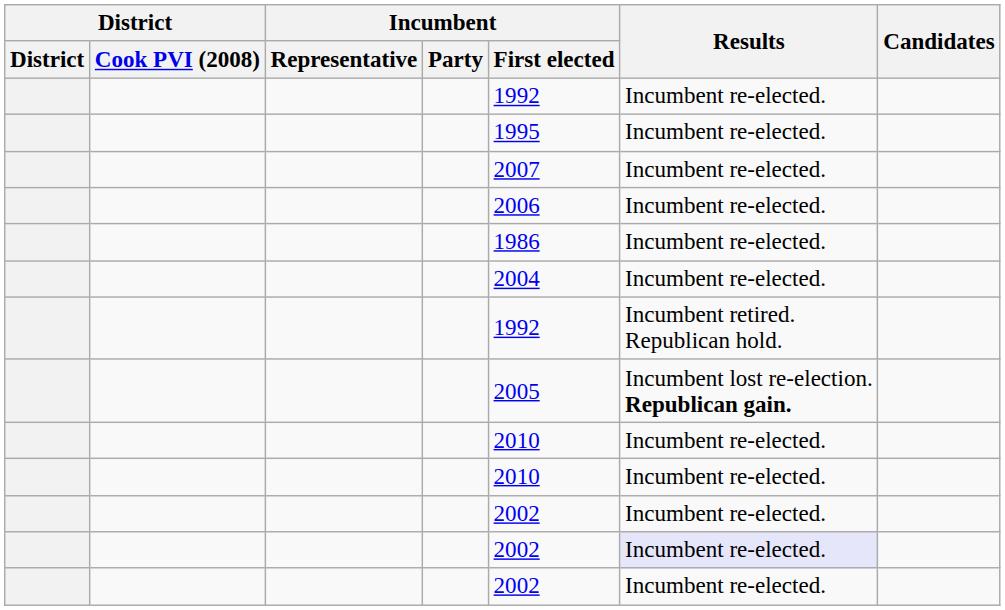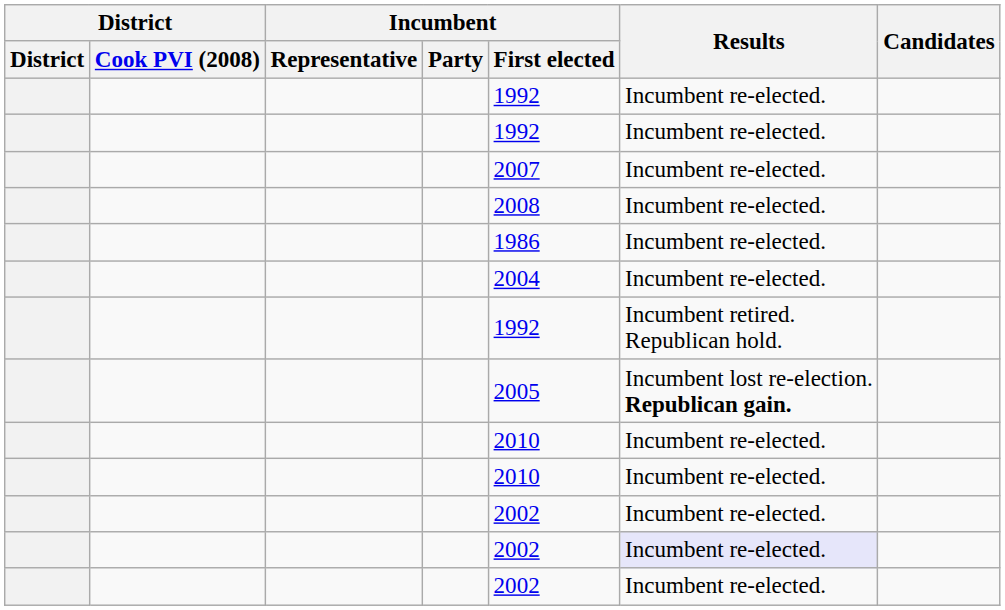 <table class="wikitable sortable">
 <tr>
 <th colspan=2>District</th>
 <th colspan=3>Incumbent</th>
 <th rowspan=2>Results</th>
 <th rowspan=2>Candidates</th>
 </tr>
 <tr valign=bottom>
 <th>District</th>
 <th><a href='#'>Cook PVI</a> (2008)</th>
 <th>Representative</th>
 <th>Party</th>
 <th>First elected</th>
 </tr>
 <tr>
 <th></th>
 <td></td>
 <td></td>
 <td></td>
 <td><a href='#'>1992</a></td>
 <td>Incumbent re-elected.</td>
 <td nowrap></td>
 </tr>
 <tr>
 <th></th>
 <td></td>
 <td></td>
 <td></td>
-<td><a href='#'>1995</a></td>
+<td><a href='#'>1992</a></td>
 <td>Incumbent re-elected.</td>
 <td nowrap></td>
 </tr>
 <tr>
 <th></th>
 <td></td>
 <td></td>
 <td></td>
 <td><a href='#'>2007</a></td>
 <td>Incumbent re-elected.</td>
 <td nowrap></td>
 </tr>
 <tr>
 <th></th>
 <td></td>
 <td></td>
 <td></td>
-<td><a href='#'>2006</a></td>
+<td><a href='#'>2008</a></td>
 <td>Incumbent re-elected.</td>
 <td nowrap></td>
 </tr>
 <tr>
 <th></th>
 <td></td>
 <td></td>
 <td></td>
 <td><a href='#'>1986</a></td>
 <td>Incumbent re-elected.</td>
 <td nowrap></td>
 </tr>
 <tr>
 <th></th>
 <td></td>
 <td></td>
 <td></td>
 <td><a href='#'>2004</a></td>
 <td>Incumbent re-elected.</td>
 <td nowrap></td>
 </tr>
 <tr>
 <th></th>
 <td></td>
 <td></td>
 <td></td>
 <td><a href='#'>1992</a></td>
 <td>Incumbent retired.<br>Republican hold.</td>
 <td nowrap></td>
 </tr>
 <tr>
 <th></th>
 <td></td>
 <td></td>
 <td></td>
 <td><a href='#'>2005</a></td>
 <td>Incumbent lost re-election.<br><strong>Republican gain.</strong></td>
 <td nowrap></td>
 </tr>
 <tr>
 <th></th>
 <td></td>
 <td></td>
 <td></td>
 <td><a href='#'>2010 </a></td>
 <td>Incumbent re-elected.</td>
 <td nowrap></td>
 </tr>
 <tr>
 <th></th>
 <td></td>
 <td></td>
 <td></td>
 <td><a href='#'>2010 </a></td>
 <td>Incumbent re-elected.</td>
 <td nowrap></td>
 </tr>
 <tr>
 <th></th>
 <td></td>
 <td></td>
 <td></td>
 <td><a href='#'>2002</a></td>
 <td>Incumbent re-elected.</td>
 <td nowrap></td>
 </tr>
 <tr>
 <th></th>
 <td></td>
 <td></td>
 <td></td>
 <td><a href='#'>2002</a></td>
 <td style="background: lavender;">Incumbent re-elected.</td>
 <td nowrap></td>
 </tr>
 <tr>
 <th></th>
 <td></td>
 <td></td>
 <td></td>
 <td><a href='#'>2002</a></td>
 <td>Incumbent re-elected.</td>
 <td nowrap></td>
 </tr>
 </table>
